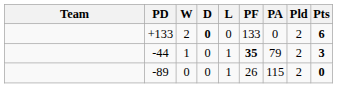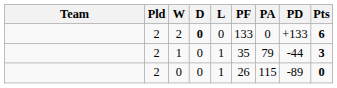 <table class="wikitable" style="text-align:center;">
 <tr>
 <th width=175>Team</th>
-<th width=25 abbr="Points difference">PD</th>
+<th width=20 abbr="Played">Pld</th>
 <th width=20 abbr="Won">W</th>
 <th width=20 abbr="Drawn">D</th>
 <th width=20 abbr="Lost">L</th>
 <th width=20 abbr="Points for">PF</th>
 <th width=20 abbr="Points against">PA</th>
-<th width=20 abbr="Played">Pld</th>
+<th width=25 abbr="Points difference">PD</th>
 <th width=20 abbr="Points">Pts</th>
 </tr>
 <tr>
 <td align=left></td>
-<td>+133</td>
+<td>2</td>
 <td>2</td>
 <td><strong>0</strong></td>
 <td>0</td>
 <td>133</td>
 <td>0</td>
-<td>2</td>
+<td>+133</td>
 <td><strong>6</strong></td>
 </tr>
 <tr>
 <td align=left></td>
-<td>-44</td>
+<td>2</td>
 <td>1</td>
 <td>0</td>
 <td>1</td>
-<td><strong>35</strong></td>
+<td>35</td>
 <td>79</td>
-<td>2</td>
+<td>-44</td>
 <td><strong>3</strong></td>
 </tr>
 <tr>
 <td align=left></td>
-<td>-89</td>
+<td>2</td>
 <td>0</td>
 <td>0</td>
 <td>1</td>
 <td>26</td>
 <td>115</td>
-<td>2</td>
+<td>-89</td>
 <td><strong>0</strong></td>
 </tr>
 </table>
